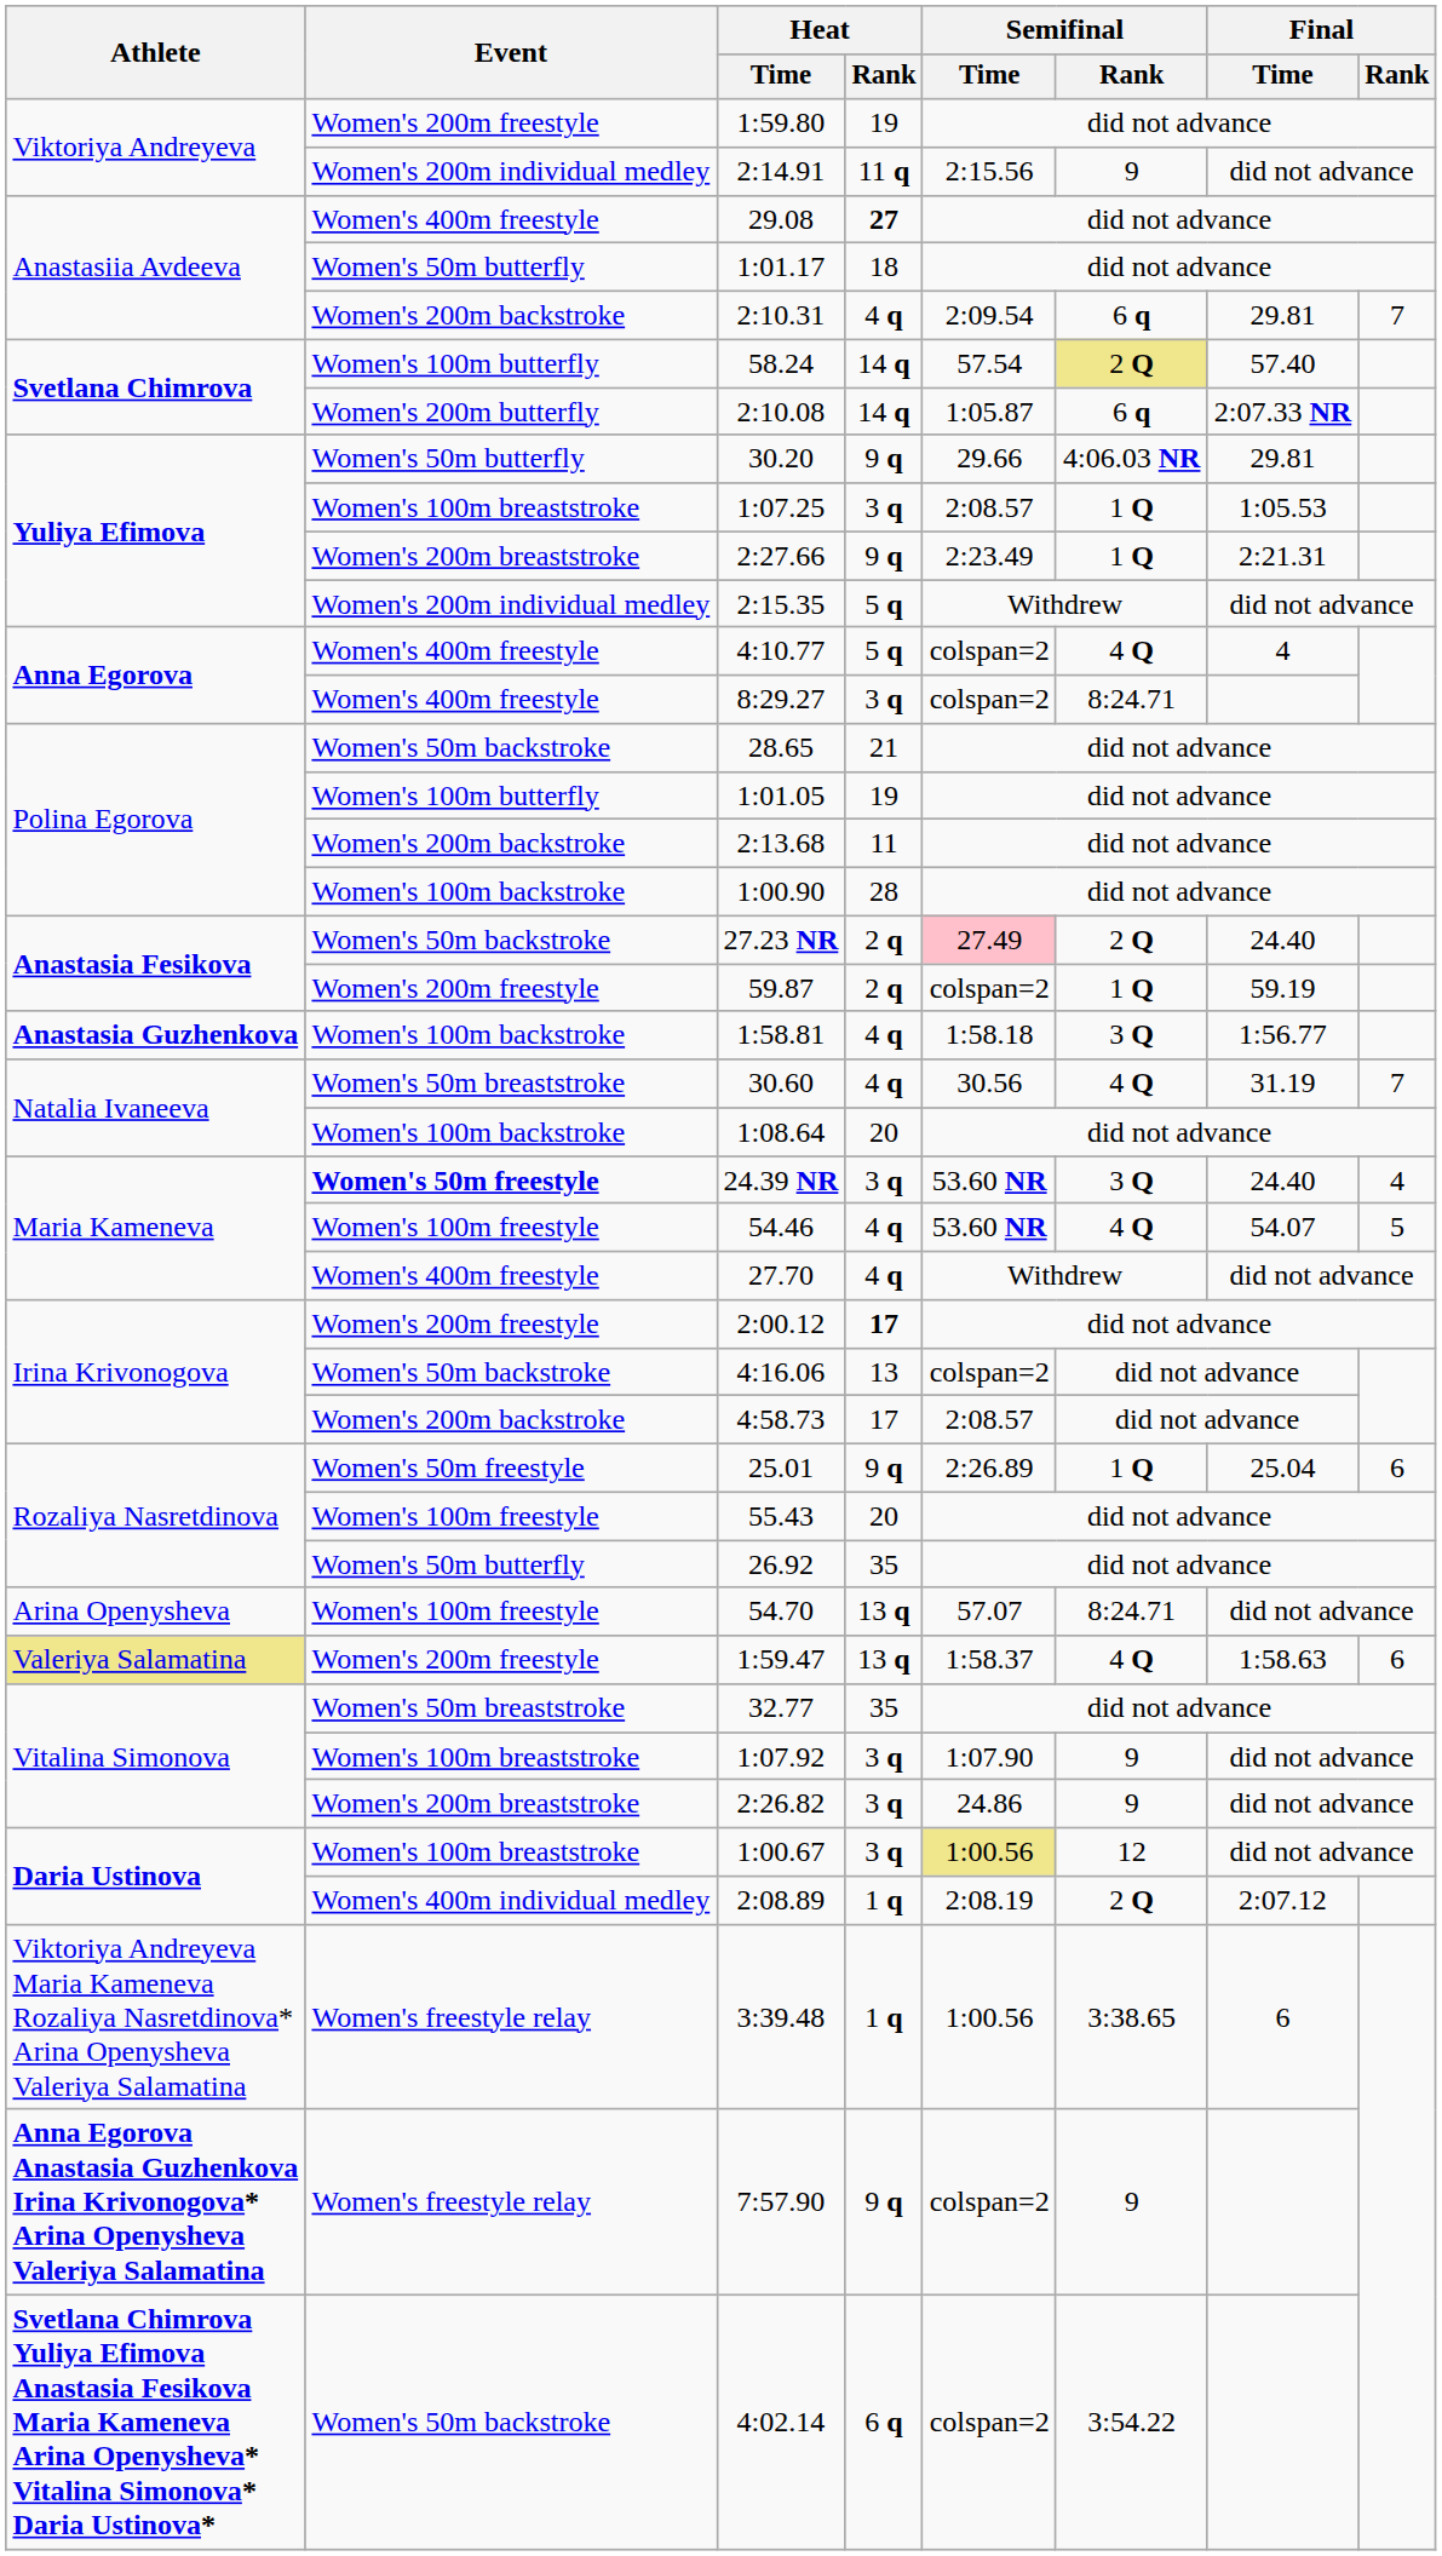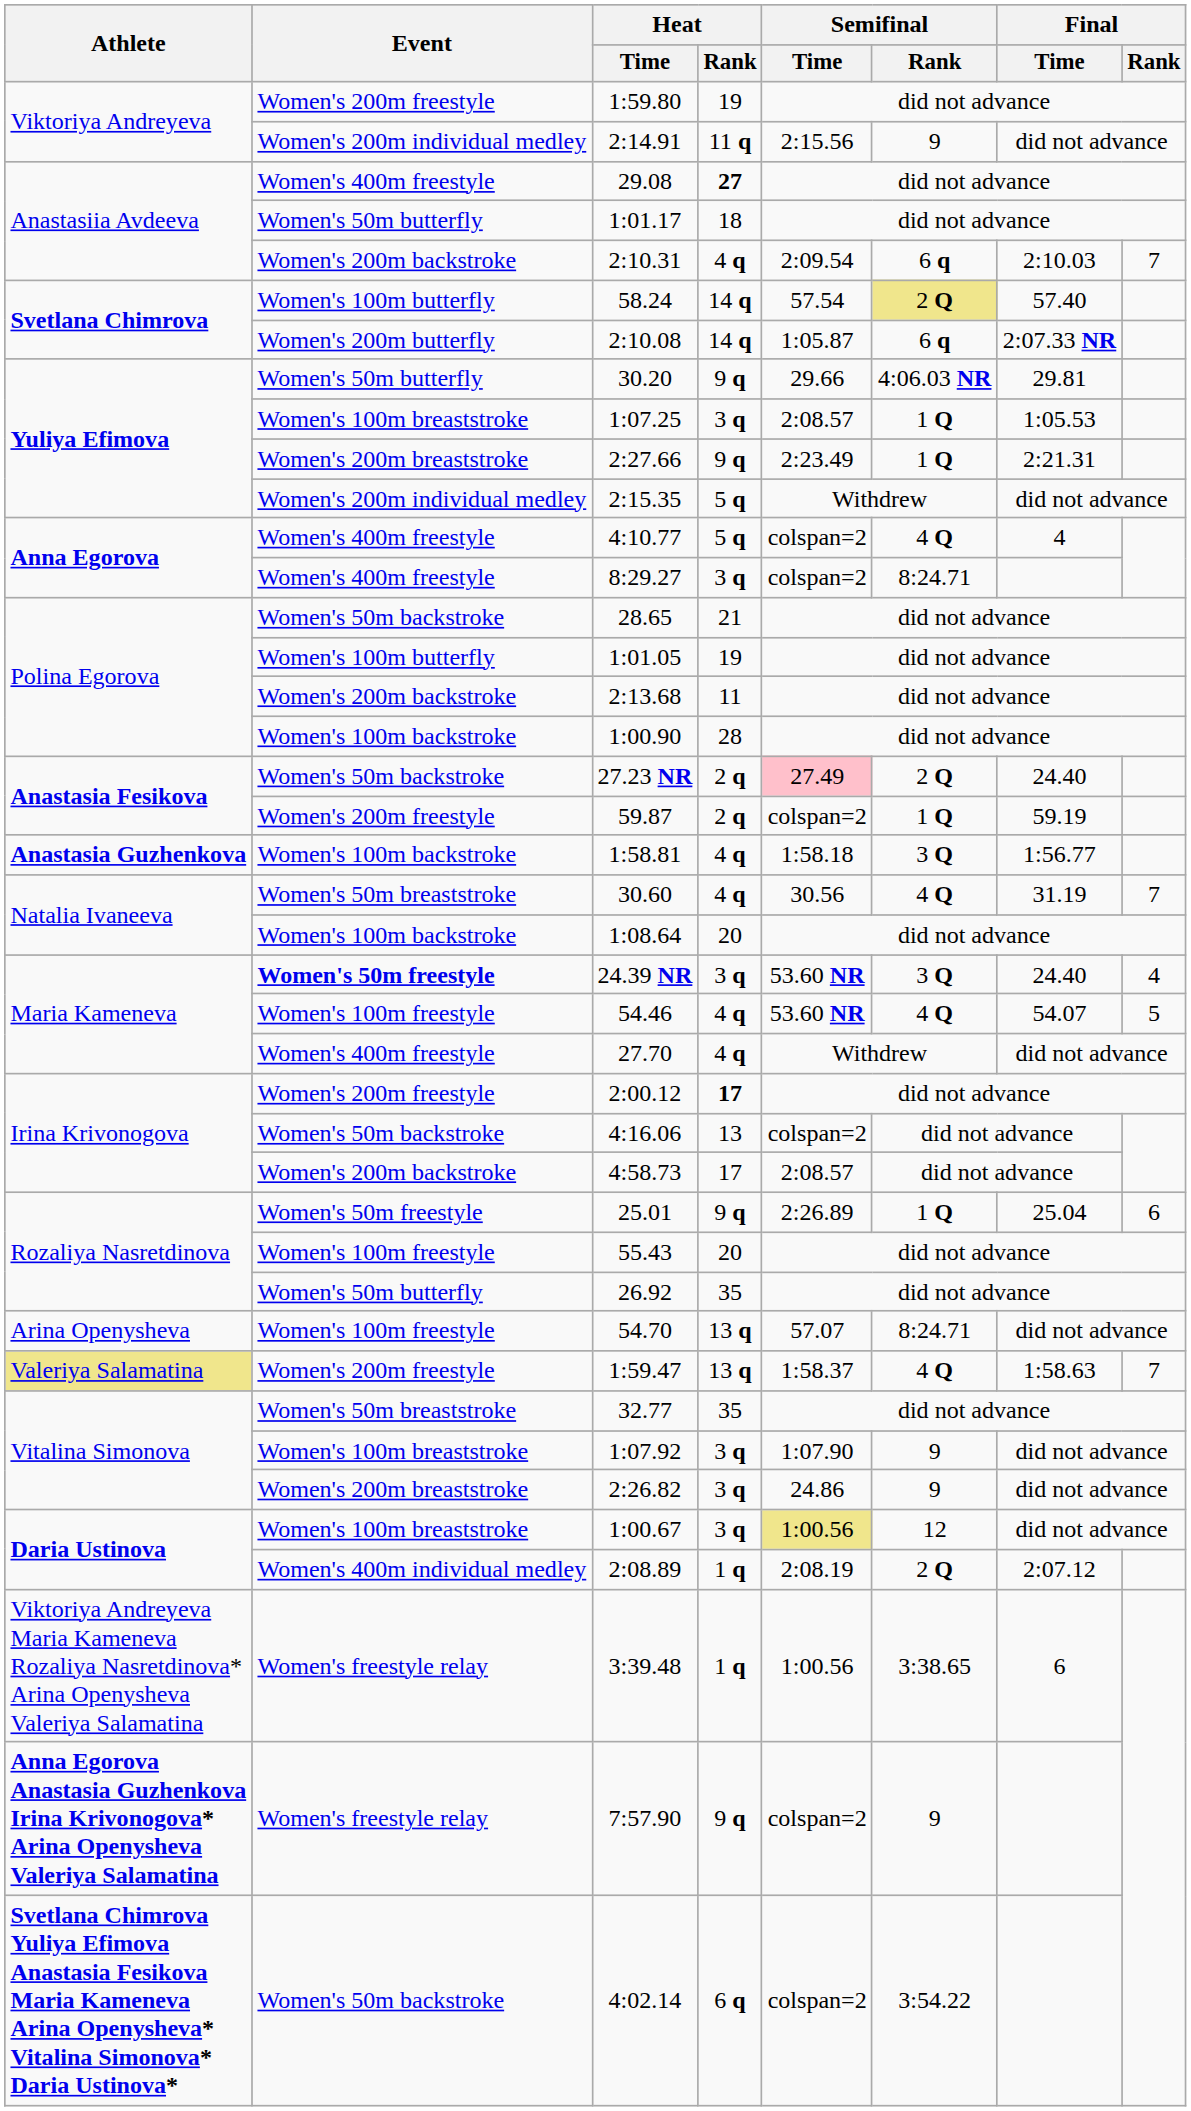 <table class=wikitable style="font-size:90%">
 <tr>
 <th rowspan="2">Athlete</th>
 <th rowspan="2">Event</th>
 <th colspan="2">Heat</th>
 <th colspan="2">Semifinal</th>
 <th colspan="2">Final</th>
 </tr>
 <tr style="font-size:95%">
 <th>Time</th>
 <th>Rank</th>
 <th>Time</th>
 <th>Rank</th>
 <th>Time</th>
 <th>Rank</th>
 </tr>
 <tr align=center>
 <td align=left rowspan=2><a href='#'>Viktoriya Andreyeva</a></td>
 <td align=left><a href='#'>Women's 200m freestyle</a></td>
 <td>1:59.80</td>
 <td>19</td>
 <td colspan=4>did not advance</td>
 </tr>
 <tr align=center>
 <td align=left><a href='#'>Women's 200m individual medley</a></td>
 <td>2:14.91</td>
 <td>11 <strong>q</strong></td>
 <td>2:15.56</td>
 <td>9</td>
 <td colspan=2>did not advance</td>
 </tr>
 <tr align=center>
 <td align=left rowspan=3><a href='#'>Anastasiia Avdeeva</a></td>
 <td align=left><a href='#'>Women's 400m freestyle</a></td>
 <td>29.08</td>
 <td><strong>27</strong></td>
 <td colspan=4>did not advance</td>
 </tr>
 <tr align=center>
 <td align=left><a href='#'>Women's 50m butterfly</a></td>
 <td>1:01.17</td>
 <td>18</td>
 <td colspan=4>did not advance</td>
 </tr>
 <tr align=center>
 <td align=left><a href='#'>Women's 200m backstroke</a></td>
 <td>2:10.31</td>
 <td>4 <strong>q</strong></td>
 <td>2:09.54</td>
 <td>6 <strong>q</strong></td>
-<td>29.81</td>
+<td>2:10.03</td>
 <td>7</td>
 </tr>
 <tr align=center>
 <td align=left rowspan=2><strong><a href='#'>Svetlana Chimrova</a></strong></td>
 <td align=left><a href='#'>Women's 100m butterfly</a></td>
 <td>58.24</td>
 <td>14 <strong>q</strong></td>
 <td>57.54</td>
 <td style="background: khaki;">2 <strong>Q</strong></td>
 <td>57.40</td>
 <td></td>
 </tr>
 <tr align=center>
 <td align=left><a href='#'>Women's 200m butterfly</a></td>
 <td>2:10.08</td>
 <td>14 <strong>q</strong></td>
 <td>1:05.87</td>
 <td>6 <strong>q</strong></td>
 <td>2:07.33 <strong><a href='#'>NR</a></strong></td>
 <td></td>
 </tr>
 <tr align=center>
 <td align=left rowspan=4><strong><a href='#'>Yuliya Efimova</a></strong></td>
 <td align=left><a href='#'>Women's 50m butterfly</a></td>
 <td>30.20</td>
 <td>9 <strong>q</strong></td>
 <td>29.66</td>
 <td>4:06.03 <strong><a href='#'>NR</a></strong></td>
 <td>29.81</td>
 <td></td>
 </tr>
 <tr align=center>
 <td align=left><a href='#'>Women's 100m breaststroke</a></td>
 <td>1:07.25</td>
 <td>3 <strong>q</strong></td>
 <td>2:08.57</td>
 <td>1 <strong>Q</strong></td>
 <td>1:05.53</td>
 <td></td>
 </tr>
 <tr align=center>
 <td align=left><a href='#'>Women's 200m breaststroke</a></td>
 <td>2:27.66</td>
 <td>9 <strong>q</strong></td>
 <td>2:23.49</td>
 <td>1 <strong>Q</strong></td>
 <td>2:21.31</td>
 <td></td>
 </tr>
 <tr align=center>
 <td align=left><a href='#'>Women's 200m individual medley</a></td>
 <td>2:15.35</td>
 <td>5 <strong>q</strong></td>
 <td colspan=2>Withdrew</td>
 <td colspan=2>did not advance</td>
 </tr>
 <tr align=center>
 <td align=left rowspan=2><strong><a href='#'>Anna Egorova</a></strong></td>
 <td align=left><a href='#'>Women's 400m freestyle</a></td>
 <td>4:10.77</td>
 <td>5 <strong>q</strong></td>
 <td>colspan=2 </td>
 <td>4 <strong>Q</strong></td>
 <td>4</td>
 </tr>
 <tr align=center>
 <td align=left><a href='#'>Women's 400m freestyle</a></td>
 <td>8:29.27</td>
 <td>3 <strong>q</strong></td>
 <td>colspan=2 </td>
 <td>8:24.71</td>
 <td></td>
 </tr>
 <tr align=center>
 <td align=left rowspan=4><a href='#'>Polina Egorova</a></td>
 <td align=left><a href='#'>Women's 50m backstroke</a></td>
 <td>28.65</td>
 <td>21</td>
 <td colspan=4>did not advance</td>
 </tr>
 <tr align=center>
 <td align=left><a href='#'>Women's 100m butterfly</a></td>
 <td>1:01.05</td>
 <td>19</td>
 <td colspan=4>did not advance</td>
 </tr>
 <tr align=center>
 <td align=left><a href='#'>Women's 200m backstroke</a></td>
 <td>2:13.68</td>
 <td>11</td>
 <td colspan=4>did not advance</td>
 </tr>
 <tr align=center>
 <td align=left><a href='#'>Women's 100m backstroke</a></td>
 <td>1:00.90</td>
 <td>28</td>
 <td colspan=4>did not advance</td>
 </tr>
 <tr align=center>
 <td align=left rowspan=2><strong><a href='#'>Anastasia Fesikova</a></strong></td>
 <td align=left><a href='#'>Women's 50m backstroke</a></td>
 <td>27.23 <strong><a href='#'>NR</a></strong></td>
 <td>2 <strong>q</strong></td>
 <td style="background: pink;">27.49</td>
 <td>2 <strong>Q</strong></td>
 <td>24.40</td>
 <td></td>
 </tr>
 <tr align=center>
 <td align=left><a href='#'>Women's 200m freestyle</a></td>
 <td>59.87</td>
 <td>2 <strong>q</strong></td>
 <td>colspan=2 </td>
 <td>1 <strong>Q</strong></td>
 <td>59.19</td>
 <td></td>
 </tr>
 <tr align=center>
 <td align=left><strong><a href='#'>Anastasia Guzhenkova</a></strong></td>
 <td align=left><a href='#'>Women's 100m backstroke</a></td>
 <td>1:58.81</td>
 <td>4 <strong>q</strong></td>
 <td>1:58.18</td>
 <td>3 <strong>Q</strong></td>
 <td>1:56.77</td>
 <td></td>
 </tr>
 <tr align=center>
 <td align=left rowspan=2><a href='#'>Natalia Ivaneeva</a></td>
 <td align=left><a href='#'>Women's 50m breaststroke</a></td>
 <td>30.60</td>
 <td>4 <strong>q</strong></td>
 <td>30.56</td>
 <td>4 <strong>Q</strong></td>
 <td>31.19</td>
 <td>7</td>
 </tr>
 <tr align=center>
 <td align=left><a href='#'>Women's 100m backstroke</a></td>
 <td>1:08.64</td>
 <td>20</td>
 <td colspan=4>did not advance</td>
 </tr>
 <tr align=center>
 <td align=left rowspan=3><a href='#'>Maria Kameneva</a></td>
 <td align=left><strong><a href='#'>Women's 50m freestyle</a></strong></td>
 <td>24.39 <strong><a href='#'>NR</a></strong></td>
 <td>3 <strong>q</strong></td>
 <td>53.60 <strong><a href='#'>NR</a></strong></td>
 <td>3 <strong>Q</strong></td>
 <td>24.40</td>
 <td>4</td>
 </tr>
 <tr align=center>
 <td align=left><a href='#'>Women's 100m freestyle</a></td>
 <td>54.46</td>
 <td>4 <strong>q</strong></td>
 <td>53.60 <strong><a href='#'>NR</a></strong></td>
 <td>4 <strong>Q</strong></td>
 <td>54.07</td>
 <td>5</td>
 </tr>
 <tr align=center>
 <td align=left><a href='#'>Women's 400m freestyle</a></td>
 <td>27.70</td>
 <td>4 <strong>q</strong></td>
 <td colspan=2>Withdrew</td>
 <td colspan=2>did not advance</td>
 </tr>
 <tr align=center>
 <td align=left rowspan=3><a href='#'>Irina Krivonogova</a></td>
 <td align=left><a href='#'>Women's 200m freestyle</a></td>
 <td>2:00.12</td>
 <td><strong>17</strong></td>
 <td colspan=4>did not advance</td>
 </tr>
 <tr align=center>
 <td align=left><a href='#'>Women's 50m backstroke</a></td>
 <td>4:16.06</td>
 <td>13</td>
 <td>colspan=2 </td>
 <td colspan=2>did not advance</td>
 </tr>
 <tr align=center>
 <td align=left><a href='#'>Women's 200m backstroke</a></td>
 <td>4:58.73</td>
 <td>17</td>
 <td>2:08.57</td>
 <td colspan=2>did not advance</td>
 </tr>
 <tr align=center>
 <td align=left rowspan=3><a href='#'>Rozaliya Nasretdinova</a></td>
 <td align=left><a href='#'>Women's 50m freestyle</a></td>
 <td>25.01</td>
 <td>9 <strong>q</strong></td>
 <td>2:26.89</td>
 <td>1 <strong>Q</strong></td>
 <td>25.04</td>
 <td>6</td>
 </tr>
 <tr align=center>
 <td align=left><a href='#'>Women's 100m freestyle</a></td>
 <td>55.43</td>
 <td>20</td>
 <td colspan=4>did not advance</td>
 </tr>
 <tr align=center>
 <td align=left><a href='#'>Women's 50m butterfly</a></td>
 <td>26.92</td>
 <td>35</td>
 <td colspan=4>did not advance</td>
 </tr>
 <tr align=center>
 <td align=left><a href='#'>Arina Openysheva</a></td>
 <td align=left><a href='#'>Women's 100m freestyle</a></td>
 <td>54.70</td>
 <td>13 <strong>q</strong></td>
 <td>57.07</td>
 <td>8:24.71</td>
 <td colspan=2>did not advance</td>
 </tr>
 <tr align=center>
 <td align=left style="background: khaki;"><a href='#'>Valeriya Salamatina</a></td>
 <td align=left><a href='#'>Women's 200m freestyle</a></td>
 <td>1:59.47</td>
 <td>13 <strong>q</strong></td>
 <td>1:58.37</td>
 <td>4 <strong>Q</strong></td>
 <td>1:58.63</td>
-<td>6</td>
+<td>7</td>
 </tr>
 <tr align=center>
 <td align=left rowspan=3><a href='#'>Vitalina Simonova</a></td>
 <td align=left><a href='#'>Women's 50m breaststroke</a></td>
 <td>32.77</td>
 <td>35</td>
 <td colspan=4>did not advance</td>
 </tr>
 <tr align=center>
 <td align=left><a href='#'>Women's 100m breaststroke</a></td>
 <td>1:07.92</td>
 <td>3 <strong>q</strong></td>
 <td>1:07.90</td>
 <td>9</td>
 <td colspan=2>did not advance</td>
 </tr>
 <tr align=center>
 <td align=left><a href='#'>Women's 200m breaststroke</a></td>
 <td>2:26.82</td>
 <td>3 <strong>q</strong></td>
 <td>24.86</td>
 <td>9</td>
 <td colspan=2>did not advance</td>
 </tr>
 <tr align=center>
 <td align=left rowspan=2><strong><a href='#'>Daria Ustinova</a></strong></td>
 <td align=left><a href='#'>Women's 100m breaststroke</a></td>
 <td>1:00.67</td>
 <td>3 <strong>q</strong></td>
 <td style="background: khaki;">1:00.56</td>
 <td>12</td>
 <td colspan=2>did not advance</td>
 </tr>
 <tr align=center>
 <td align=left><a href='#'>Women's 400m individual medley</a></td>
 <td>2:08.89</td>
 <td>1 <strong>q</strong></td>
 <td>2:08.19</td>
 <td>2 <strong>Q</strong></td>
 <td>2:07.12</td>
 <td></td>
 </tr>
 <tr align=center>
 <td align=left><a href='#'>Viktoriya Andreyeva</a><br><a href='#'>Maria Kameneva</a><br><a href='#'>Rozaliya Nasretdinova</a>*<br><a href='#'>Arina Openysheva</a><br><a href='#'>Valeriya Salamatina</a></td>
 <td align=left><a href='#'>Women's  freestyle relay</a></td>
 <td>3:39.48</td>
 <td>1 <strong>q</strong></td>
 <td>1:00.56</td>
 <td>3:38.65</td>
 <td>6</td>
 </tr>
 <tr align=center>
 <td align=left><strong><a href='#'>Anna Egorova</a><br><a href='#'>Anastasia Guzhenkova</a><br><a href='#'>Irina Krivonogova</a>*<br><a href='#'>Arina Openysheva</a><br><a href='#'>Valeriya Salamatina</a></strong></td>
 <td align=left><a href='#'>Women's  freestyle relay</a></td>
 <td>7:57.90</td>
 <td>9 <strong>q</strong></td>
 <td>colspan=2 </td>
 <td>9</td>
 <td></td>
 </tr>
 <tr align=center>
 <td align=left><strong><a href='#'>Svetlana Chimrova</a><br><a href='#'>Yuliya Efimova</a><br><a href='#'>Anastasia Fesikova</a><br><a href='#'>Maria Kameneva</a><br><a href='#'>Arina Openysheva</a>*<br><a href='#'>Vitalina Simonova</a>*<br><a href='#'>Daria Ustinova</a>*</strong></td>
 <td align=left><a href='#'>Women's 50m backstroke</a></td>
 <td>4:02.14</td>
 <td>6 <strong>q</strong></td>
 <td>colspan=2 </td>
 <td>3:54.22</td>
 <td></td>
 </tr>
 </table>
